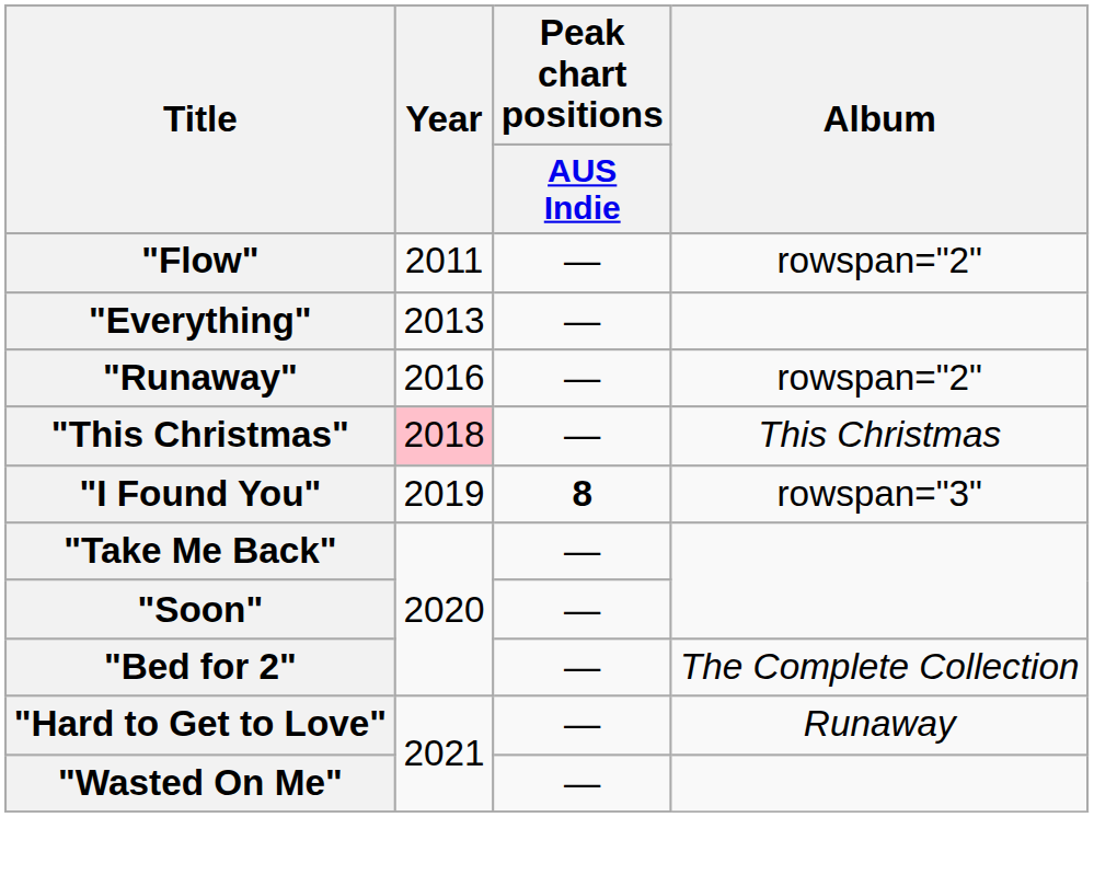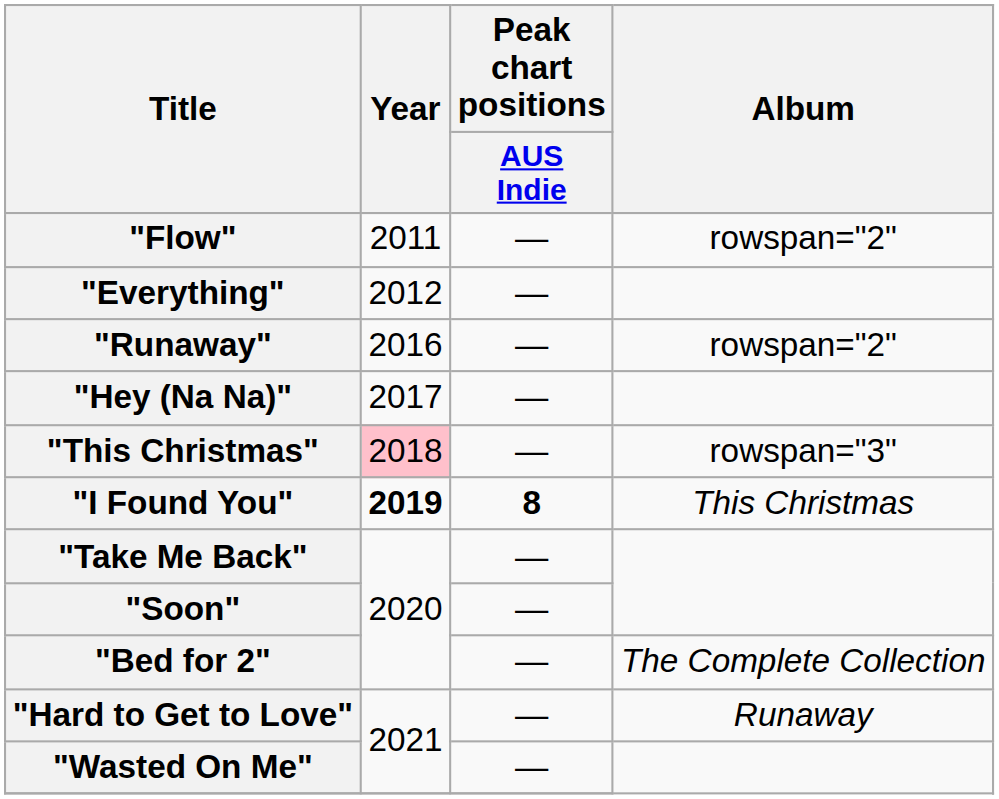 <table class="wikitable plainrowheaders" style="text-align:center;">
 <tr>
 <th scope="col" rowspan="2">Title</th>
 <th scope="col" rowspan="2">Year</th>
 <th scope="col" colspan="1">Peak chart positions</th>
 <th scope="col" rowspan="2">Album</th>
 </tr>
 <tr>
 <th scope="col" style="width:3em;font-size:90%;"><a href='#'>AUS<br>Indie</a><br></th>
 </tr>
 <tr>
 <th scope="row">"Flow"</th>
 <td>2011</td>
 <td>—</td>
 <td>rowspan="2" </td>
 </tr>
 <tr>
 <th scope="row">"Everything"</th>
-<td>2013</td>
+<td>2012</td>
 <td>—</td>
 </tr>
 <tr>
 <th scope="row">"Runaway"</th>
 <td>2016</td>
 <td>—</td>
 <td>rowspan="2" </td>
 </tr>
 <tr>
+<th scope="row">"Hey (Na Na)"<br></th>
+<td>2017</td>
+<td>—</td>
+<td></td>
+</tr>
+<tr>
 <th scope="row">"This Christmas"</th>
 <td style="background: pink;">2018</td>
 <td>—</td>
-<td><em>This Christmas</em></td>
+<td>rowspan="3" </td>
 </tr>
 <tr>
 <th scope="row">"I Found You"</th>
-<td>2019</td>
+<td><strong>2019</strong></td>
 <td><strong>8</strong></td>
-<td>rowspan="3" </td>
+<td><em>This Christmas</em></td>
 </tr>
 <tr>
 <th scope="row">"Take Me Back"</th>
 <td rowspan="3">2020</td>
 <td>—</td>
 </tr>
 <tr>
 <th scope="row">"Soon"</th>
 <td>—</td>
 </tr>
 <tr>
 <th scope="row">"Bed for 2"</th>
 <td>—</td>
 <td><em>The Complete Collection</em></td>
 </tr>
 <tr>
 <th scope="row">"Hard to Get to Love"</th>
 <td rowspan="2">2021</td>
 <td>—</td>
 <td><em>Runaway</em></td>
 </tr>
 <tr>
 <th scope="row">"Wasted On Me"</th>
 <td>—</td>
 </tr>
 <tr>
 </tr>
 </table>
